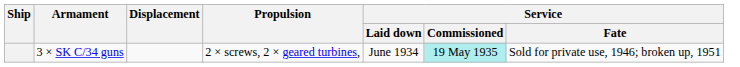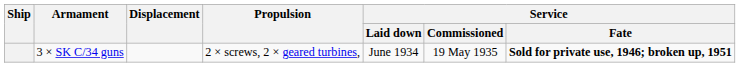 <table class="wikitable plainrowheaders" style="text-align: center;">
 <tr valign="top">
 <th scope="col" rowspan="2">Ship</th>
 <th scope="col" rowspan="2">Armament</th>
 <th scope="col" rowspan="2">Displacement</th>
 <th scope="col" rowspan="2">Propulsion</th>
 <th scope="col" colspan="3">Service</th>
 </tr>
 <tr valign="top">
 <th scope="col">Laid down</th>
 <th scope="col">Commissioned</th>
 <th scope="col">Fate</th>
 </tr>
 <tr valign="center">
 <th scope="row"></th>
 <td>3 × <a href='#'> SK C/34 guns</a></td>
 <td></td>
 <td>2 × screws, 2 × <a href='#'>geared turbines</a>, </td>
 <td>June 1934</td>
-<td style="background: paleturquoise;">19 May 1935</td>
-<td>Sold for private use, 1946; broken up, 1951</td>
+<td>19 May 1935</td>
+<td><strong>Sold for private use, 1946; broken up, 1951</strong></td>
 </tr>
 </table>
